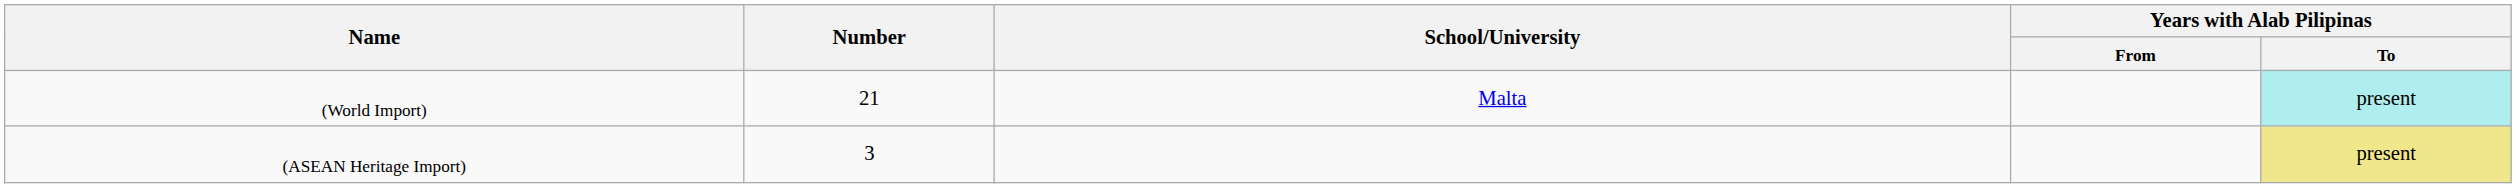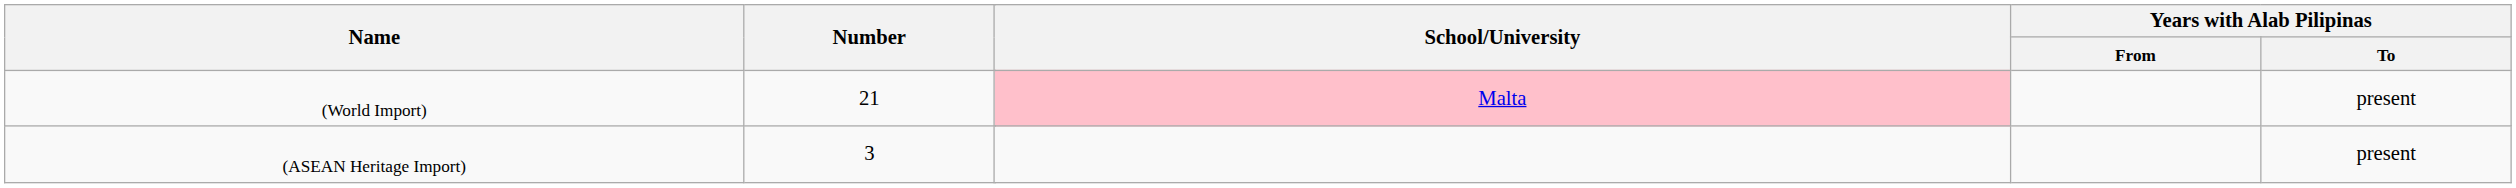 <table class="wikitable sortable" style="text-align:center" width="98%">
 <tr>
 <th style="width:180px;" rowspan="2">Name</th>
 <th style="width:10%;" colspan="2" rowspan="2">Number</th>
 <th style="width:250px;" rowspan="2">School/University</th>
 <th style="width:180px; text-align:center;" colspan="2">Years with Alab Pilipinas</th>
 </tr>
 <tr>
 <th style="width:10%; text-align:center;"><small>From</small></th>
 <th style="width:10%; text-align:center;"><small>To</small></th>
 </tr>
 <tr>
 <td><br><small>(World Import)</small></td>
 <td colspan="2">21</td>
-<td><a href='#'>Malta</a></td>
+<td style="background: pink;"><a href='#'>Malta</a></td>
 <td></td>
-<td style="background: paleturquoise;">present</td>
+<td>present</td>
 </tr>
 <tr>
 <td><br><small>(ASEAN Heritage Import)</small></td>
 <td colspan="2">3</td>
 <td></td>
 <td></td>
-<td style="background: khaki;">present</td>
+<td>present</td>
 </tr>
 </table>
